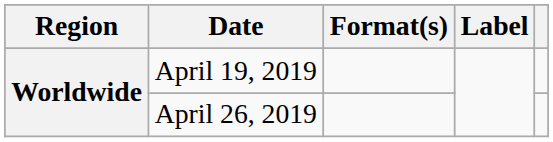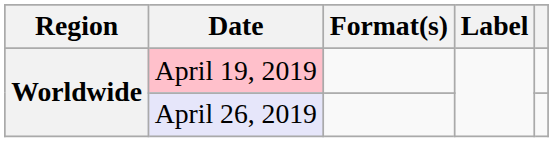 <table class="wikitable plainrowheaders">
 <tr>
 <th scope="col">Region</th>
 <th scope="col">Date</th>
 <th scope="col">Format(s)</th>
 <th scope="col">Label</th>
 <th scope="col"></th>
 </tr>
 <tr>
 <th scope="row" rowspan="2">Worldwide</th>
-<td>April 19, 2019</td>
+<td style="background: pink;">April 19, 2019</td>
 <td></td>
 <td rowspan="2"></td>
 <td></td>
 </tr>
 <tr>
-<td>April 26, 2019</td>
+<td style="background: lavender;">April 26, 2019</td>
 <td></td>
 <td></td>
 </tr>
 </table>
